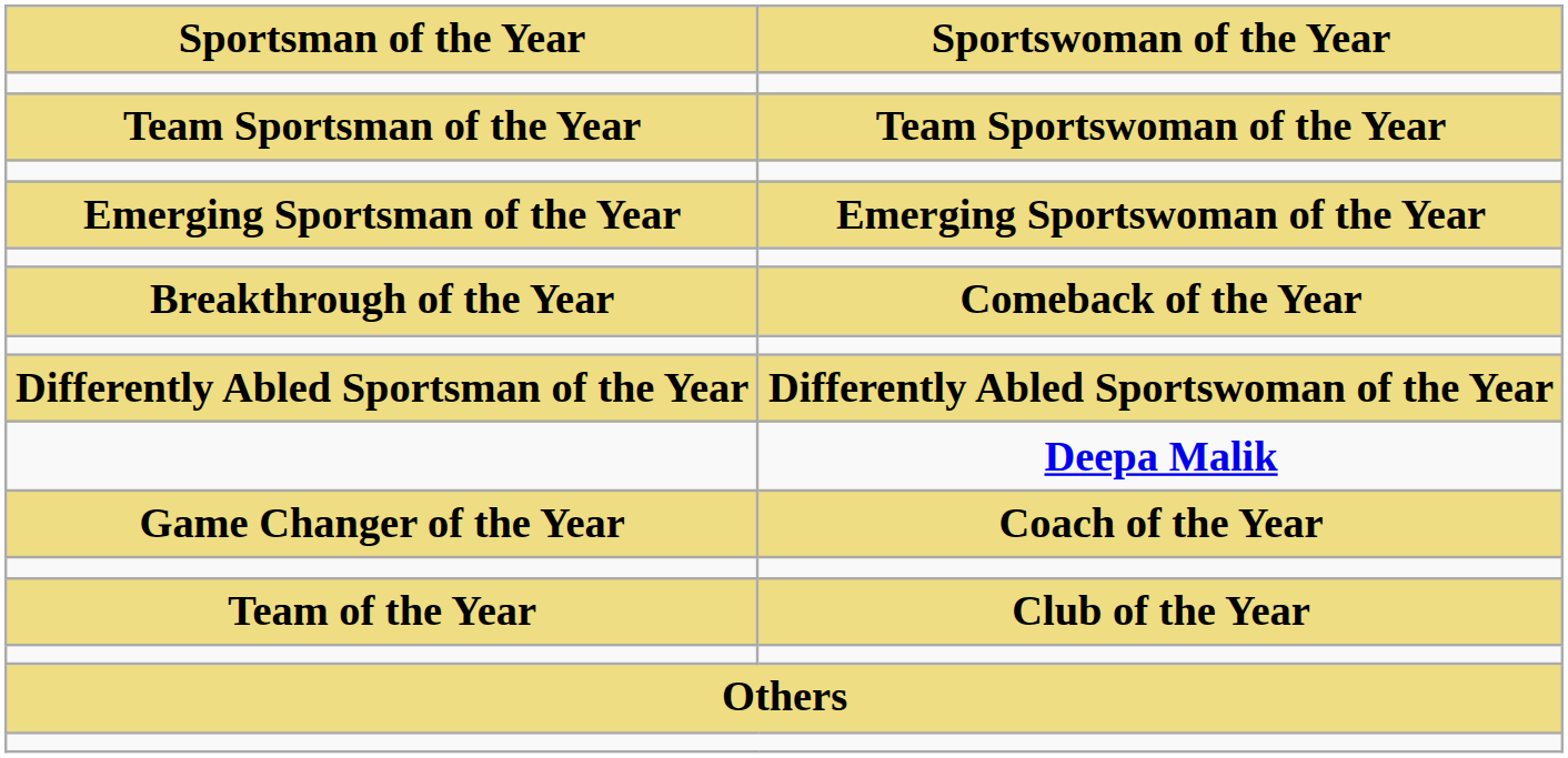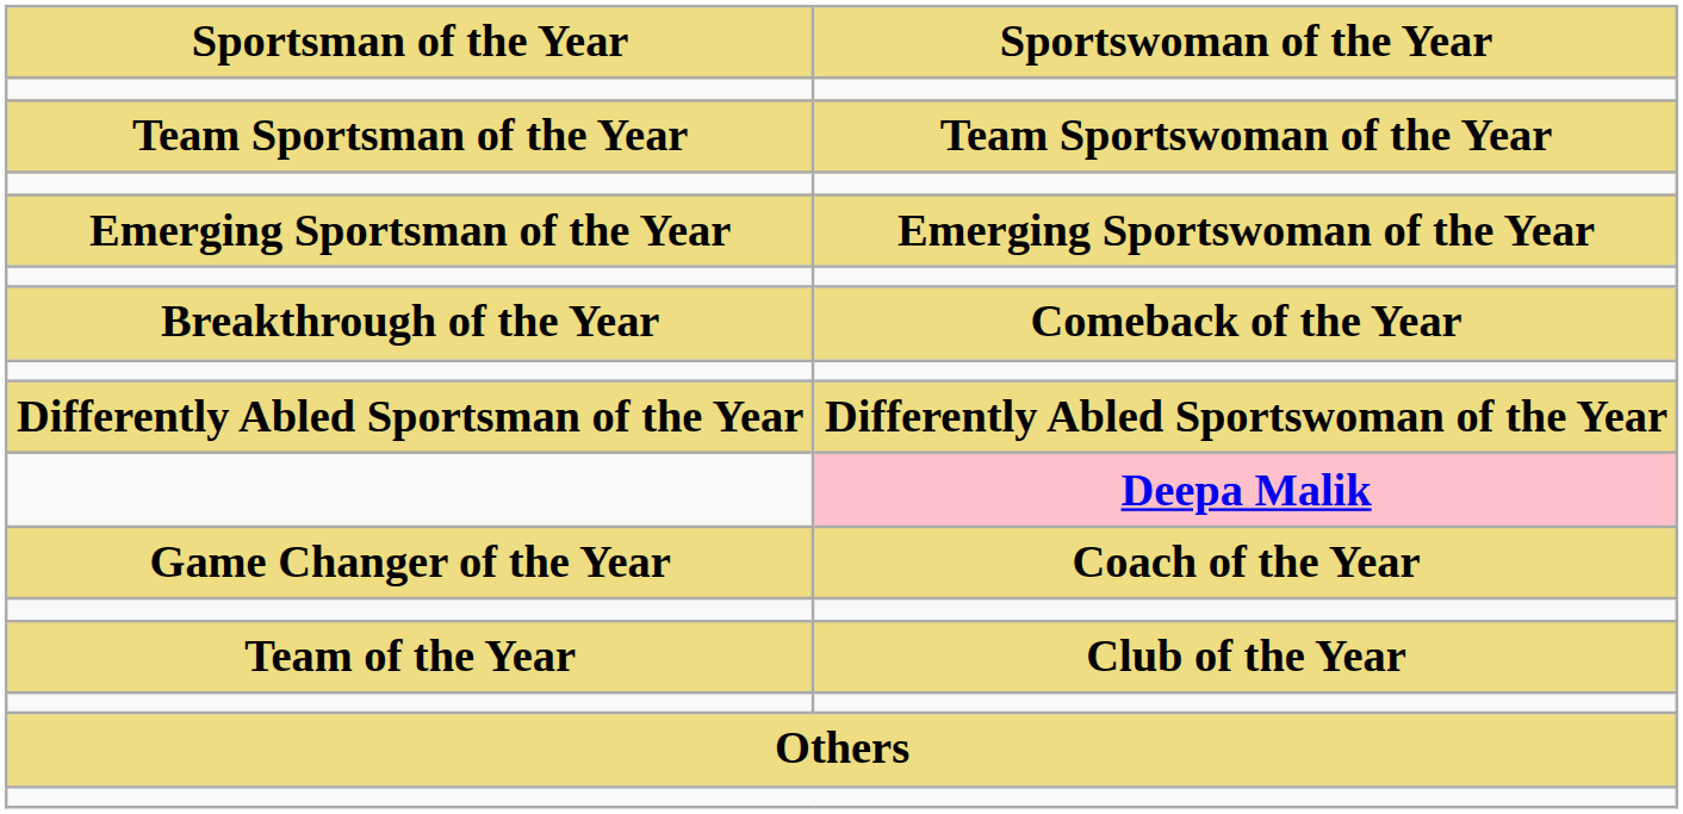 <table class="wikitable" style="text-align:center;">
 <tr>
 <th style="background:#EEDD82;">Sportsman of the Year</th>
 <th style="background:#EEDD82;">Sportswoman of the Year</th>
 </tr>
 <tr>
 <td></td>
 <td></td>
 </tr>
 <tr>
 <th style="background:#EEDD82;">Team Sportsman of the Year</th>
 <th style="background:#EEDD82;">Team Sportswoman of the Year</th>
 </tr>
 <tr>
 <td></td>
 <td></td>
 </tr>
 <tr>
 <th style="background:#EEDD82;">Emerging Sportsman of the Year</th>
 <th style="background:#EEDD82;">Emerging Sportswoman of the Year</th>
 </tr>
 <tr>
 <td></td>
 <td></td>
 </tr>
 <tr>
 <th style="background:#EEDD82;">Breakthrough of the Year</th>
 <th style="background:#EEDD82;">Comeback of the Year</th>
 </tr>
 <tr>
 <td></td>
 <td></td>
 </tr>
 <tr>
 <th style="background:#EEDD82;">Differently Abled Sportsman of the Year</th>
 <th style="background:#EEDD82;">Differently Abled Sportswoman of the Year</th>
 </tr>
 <tr>
 <td></td>
-<td><strong><a href='#'>Deepa Malik</a></strong></td>
+<td style="background: pink;"><strong><a href='#'>Deepa Malik</a></strong></td>
 </tr>
 <tr>
 <th style="background:#EEDD82;">Game Changer of the Year</th>
 <th style="background:#EEDD82;">Coach of the Year</th>
 </tr>
 <tr>
 <td></td>
 <td></td>
 </tr>
 <tr>
 <th style="background:#EEDD82;">Team of the Year</th>
 <th style="background:#EEDD82;">Club of the Year</th>
 </tr>
 <tr>
 <td></td>
 <td></td>
 </tr>
 <tr>
 <th colspan=2 style="background:#EEDD82;">Others</th>
 </tr>
 <tr>
 <td colspan=2></td>
 </tr>
 </table>
